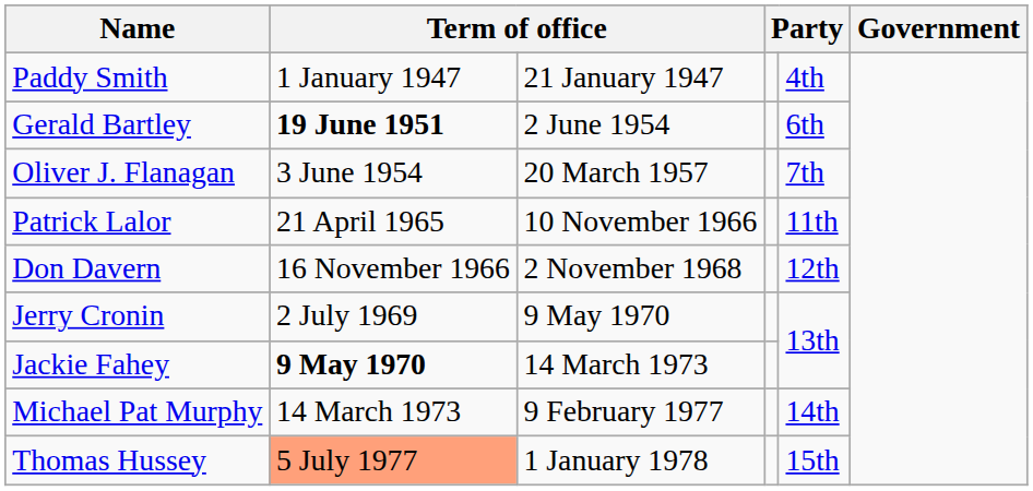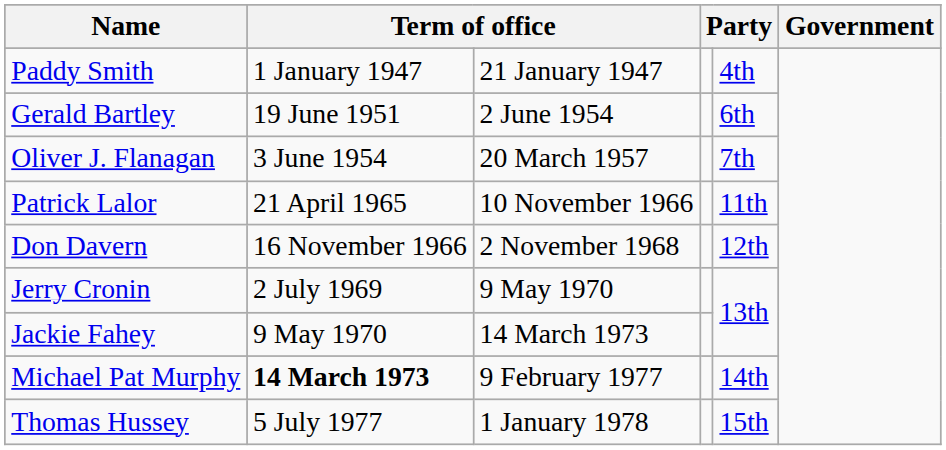 <table class="wikitable">
 <tr>
 <th>Name</th>
 <th colspan="2">Term of office</th>
 <th colspan="2">Party</th>
 <th>Government</th>
 </tr>
 <tr>
 <td><a href='#'>Paddy Smith</a></td>
 <td>1 January 1947</td>
 <td>21 January 1947</td>
 <td></td>
 <td><a href='#'>4th</a></td>
 </tr>
 <tr>
 <td><a href='#'>Gerald Bartley</a></td>
-<td><strong>19 June 1951</strong></td>
+<td>19 June 1951</td>
 <td>2 June 1954</td>
 <td></td>
 <td><a href='#'>6th</a></td>
 </tr>
 <tr>
 <td><a href='#'>Oliver J. Flanagan</a></td>
 <td>3 June 1954</td>
 <td>20 March 1957</td>
 <td></td>
 <td><a href='#'>7th</a></td>
 </tr>
 <tr>
 <td><a href='#'>Patrick Lalor</a></td>
 <td>21 April 1965</td>
 <td>10 November 1966</td>
 <td></td>
 <td><a href='#'>11th</a></td>
 </tr>
 <tr>
 <td><a href='#'>Don Davern</a></td>
 <td>16 November 1966</td>
 <td>2 November 1968</td>
 <td></td>
 <td><a href='#'>12th</a></td>
 </tr>
 <tr>
 <td><a href='#'>Jerry Cronin</a></td>
 <td>2 July 1969</td>
 <td>9 May 1970</td>
 <td></td>
 <td rowspan=2><a href='#'>13th</a></td>
 </tr>
 <tr>
 <td><a href='#'>Jackie Fahey</a></td>
-<td><strong>9 May 1970</strong></td>
+<td>9 May 1970</td>
 <td>14 March 1973</td>
 <td></td>
 </tr>
 <tr>
 <td><a href='#'>Michael Pat Murphy</a></td>
-<td>14 March 1973</td>
+<td><strong>14 March 1973</strong></td>
 <td>9 February 1977</td>
 <td></td>
 <td><a href='#'>14th</a></td>
 </tr>
 <tr>
 <td><a href='#'>Thomas Hussey</a></td>
-<td style="background: lightsalmon;">5 July 1977</td>
+<td>5 July 1977</td>
 <td>1 January 1978</td>
 <td></td>
 <td><a href='#'>15th</a></td>
 </tr>
 </table>
